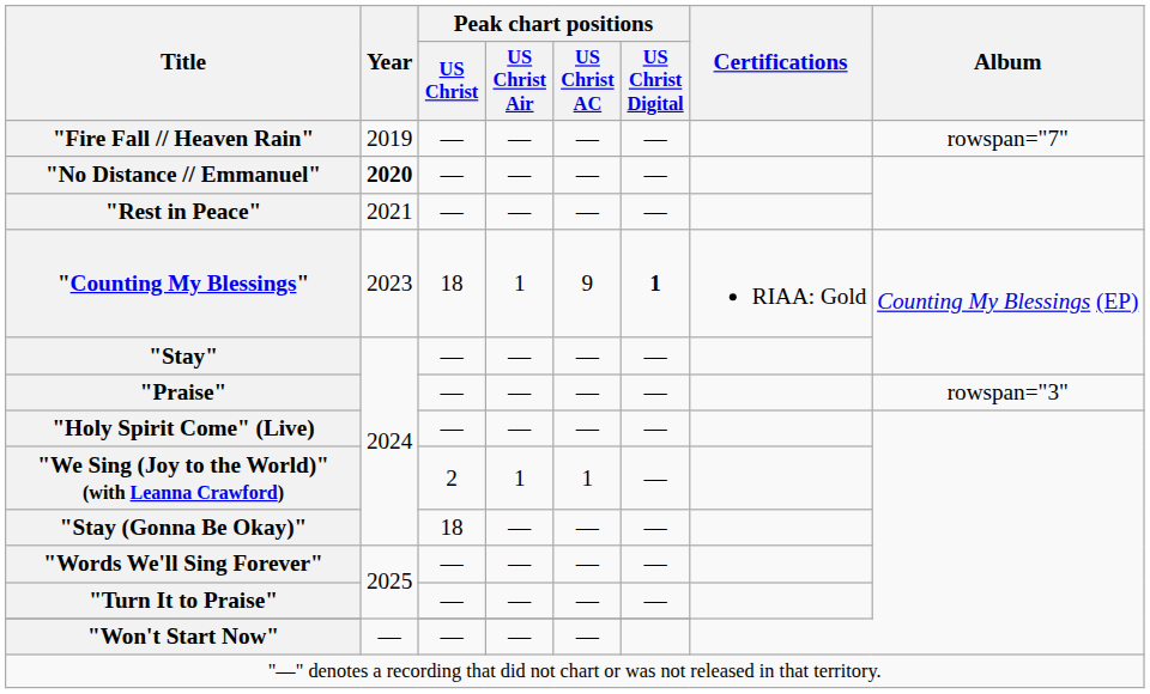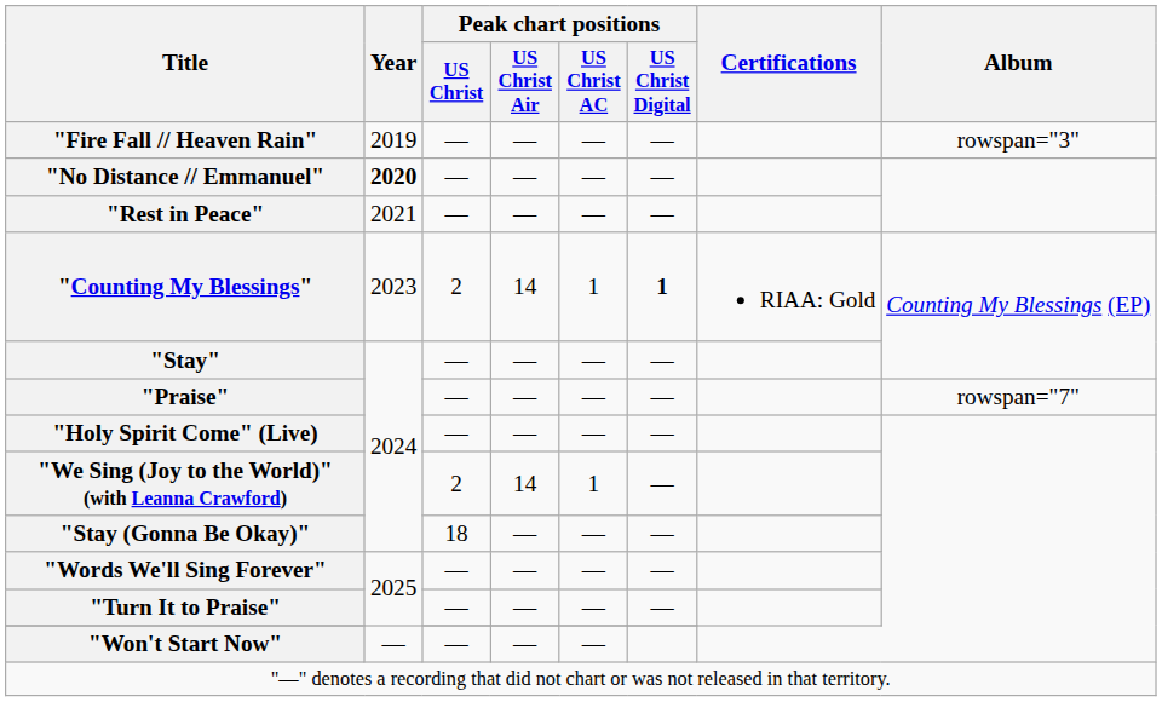 <table class="wikitable plainrowheaders" style="text-align:center;">
 <tr>
 <th scope="col" rowspan="2" style="width:15em;">Title</th>
 <th rowspan="2">Year</th>
 <th colspan="4">Peak chart positions</th>
 <th rowspan="2"><a href='#'>Certifications</a></th>
 <th rowspan="2">Album</th>
 </tr>
 <tr>
 <th scope="col" style="width:3em;font-size:85%;"><a href='#'>US<br>Christ</a><br></th>
 <th scope="col" style="width:3em;font-size:85%;"><a href='#'>US<br>Christ<br>Air</a><br></th>
 <th scope="col" style="width:3em;font-size:85%;"><a href='#'>US<br>Christ<br>AC</a><br></th>
 <th scope="col" style="width:3em;font-size:85%;"><a href='#'>US<br>Christ<br>Digital</a><br></th>
 </tr>
 <tr>
 <th scope="row">"Fire Fall // Heaven Rain"</th>
 <td>2019</td>
 <td>—</td>
 <td>—</td>
 <td>—</td>
 <td>—</td>
 <td></td>
-<td>rowspan="7" </td>
+<td>rowspan="3" </td>
 </tr>
 <tr>
 <th scope="row">"No Distance // Emmanuel"</th>
 <td><strong>2020</strong></td>
 <td>—</td>
 <td>—</td>
 <td>—</td>
 <td>—</td>
 <td></td>
 </tr>
 <tr>
 <th scope="row">"Rest in Peace"</th>
 <td>2021</td>
 <td>—</td>
 <td>—</td>
 <td>—</td>
 <td>—</td>
 <td></td>
 </tr>
 <tr>
 <th scope="row">"<a href='#'>Counting My Blessings</a>"</th>
 <td>2023</td>
-<td>18</td>
+<td>2</td>
+<td>14</td>
 <td>1</td>
-<td>9</td>
 <td><strong>1</strong></td>
 <td><br><ul><li>RIAA: Gold</li></ul></td>
 <td rowspan="2"><em><a href='#'>Counting My Blessings</a></em> <a href='#'>(EP)</a></td>
 </tr>
 <tr>
 <th scope="row">"Stay"</th>
 <td rowspan="5">2024</td>
 <td>—</td>
 <td>—</td>
 <td>—</td>
 <td>—</td>
 <td></td>
 </tr>
 <tr>
 <th scope="row">"Praise"</th>
 <td>—</td>
 <td>—</td>
 <td>—</td>
 <td>—</td>
 <td></td>
-<td>rowspan="3" </td>
+<td>rowspan="7" </td>
 </tr>
 <tr>
 <th scope="row">"Holy Spirit Come" (Live)</th>
 <td>—</td>
 <td>—</td>
 <td>—</td>
 <td>—</td>
 <td></td>
 </tr>
 <tr>
 <th scope="row">"We Sing (Joy to the World)"<br><small>(with <a href='#'>Leanna Crawford</a>)</small></th>
 <td>2</td>
-<td>1</td>
+<td>14</td>
 <td>1</td>
 <td>—</td>
 <td></td>
 </tr>
 <tr>
 <th scope="row">"Stay (Gonna Be Okay)"</th>
 <td>18</td>
 <td>—</td>
 <td>—</td>
 <td>—</td>
 <td></td>
 </tr>
 <tr>
 <th scope="row">"Words We'll Sing Forever"</th>
 <td rowspan="3">2025</td>
 <td>—</td>
 <td>—</td>
 <td>—</td>
 <td>—</td>
 <td></td>
 </tr>
 <tr>
 <th scope="row">"Turn It to Praise"</th>
 <td>—</td>
 <td>—</td>
 <td>—</td>
 <td>—</td>
 <td></td>
 </tr>
 <tr>
 </tr>
 <tr>
 <th scope="row">"Won't Start Now"</th>
 <td>—</td>
 <td>—</td>
 <td>—</td>
 <td>—</td>
 <td></td>
 </tr>
 <tr>
 <td colspan="14" style="font-size:85%">"—" denotes a recording that did not chart or was not released in that territory.</td>
 </tr>
 </table>
